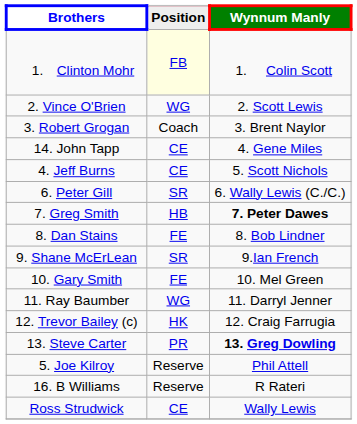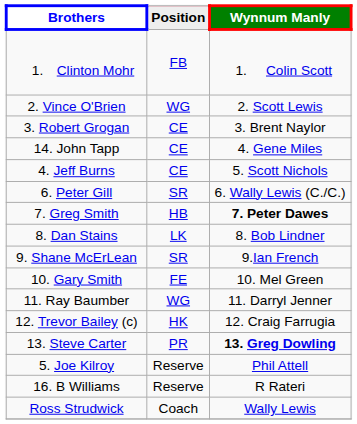 <table align="right" class="wikitable" style="font-size:90%; text-align:center; margin-left:1em">
 <tr bgcolor="#FF0033">
 <th align="centre" style="width:140px; border:3px solid blue; background: white; color: blue">Brothers</th>
 <th style="width:40px; text-align:center; background:#eee; color:black;">Position</th>
 <th align="centre" style="width:140px; border:3px solid red; background: green; color: white">Wynnum Manly</th>
 </tr>
 <tr>
 <td><br><ol><li><a href='#'>Clinton Mohr</a></li></ol></td>
-<td style="background: lightyellow;"><a href='#'>FB</a></td>
+<td><a href='#'>FB</a></td>
 <td><br><ol><li><a href='#'>Colin Scott</a></li></ol></td>
 </tr>
 <tr>
 <td>2. <a href='#'>Vince O'Brien</a></td>
 <td><a href='#'>WG</a></td>
 <td>2. <a href='#'>Scott Lewis</a></td>
 </tr>
 <tr>
 <td>3. <a href='#'>Robert Grogan</a></td>
-<td>Coach</td>
+<td><a href='#'>CE</a></td>
 <td>3. Brent Naylor</td>
 </tr>
 <tr>
 <td>14. John Tapp</td>
 <td><a href='#'>CE</a></td>
 <td>4. <a href='#'>Gene Miles</a></td>
 </tr>
 <tr>
 <td>4. <a href='#'>Jeff Burns</a></td>
 <td><a href='#'>CE</a></td>
 <td>5. <a href='#'>Scott Nichols</a></td>
 </tr>
 <tr>
 <td>6. <a href='#'>Peter Gill</a></td>
 <td><a href='#'>SR</a></td>
 <td>6. <a href='#'>Wally Lewis</a> (C./C.)</td>
 </tr>
 <tr>
 <td>7. <a href='#'>Greg Smith</a></td>
 <td><a href='#'>HB</a></td>
 <td><strong>7. Peter Dawes</strong></td>
 </tr>
 <tr>
 <td>8. <a href='#'>Dan Stains</a></td>
-<td><a href='#'>FE</a></td>
+<td><a href='#'>LK</a></td>
 <td>8. <a href='#'>Bob Lindner</a></td>
 </tr>
 <tr>
 <td>9. <a href='#'>Shane McErLean</a></td>
 <td><a href='#'>SR</a></td>
 <td>9.<a href='#'>Ian French</a></td>
 </tr>
 <tr>
 <td>10. <a href='#'>Gary Smith</a></td>
 <td><a href='#'>FE</a></td>
 <td>10. Mel Green</td>
 </tr>
 <tr>
 <td>11. Ray Baumber</td>
 <td><a href='#'>WG</a></td>
 <td>11. Darryl Jenner</td>
 </tr>
 <tr>
 <td>12. <a href='#'>Trevor Bailey</a> (c)</td>
 <td><a href='#'>HK</a></td>
 <td>12. Craig Farrugia</td>
 </tr>
 <tr>
 <td>13. <a href='#'>Steve Carter</a></td>
 <td><a href='#'>PR</a></td>
 <td><strong>13. <a href='#'>Greg Dowling</a></strong></td>
 </tr>
 <tr>
 <td>5. <a href='#'>Joe Kilroy</a></td>
 <td>Reserve</td>
 <td><a href='#'>Phil Attell</a></td>
 </tr>
 <tr>
 <td>16. B Williams</td>
 <td>Reserve</td>
 <td>R Rateri</td>
 </tr>
 <tr>
 <td><a href='#'>Ross Strudwick</a></td>
-<td><a href='#'>CE</a></td>
+<td>Coach</td>
 <td><a href='#'>Wally Lewis</a></td>
 </tr>
 <tr>
 </tr>
 </table>
